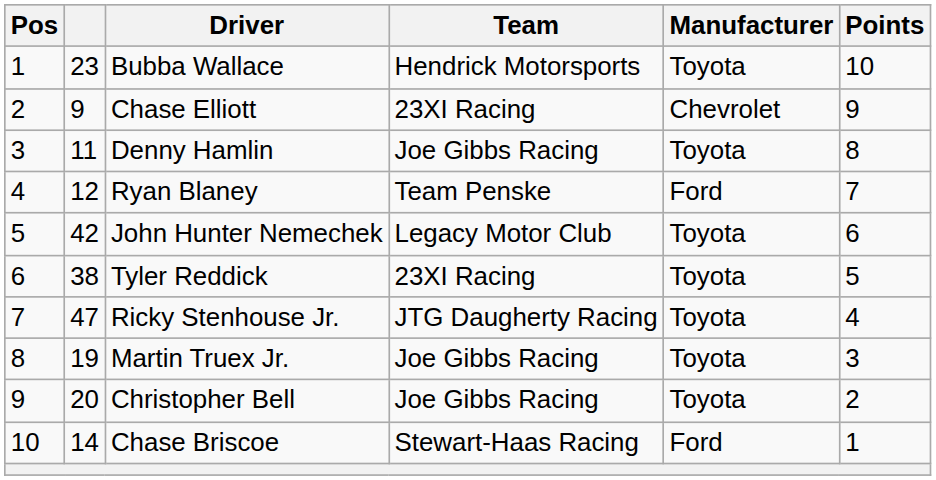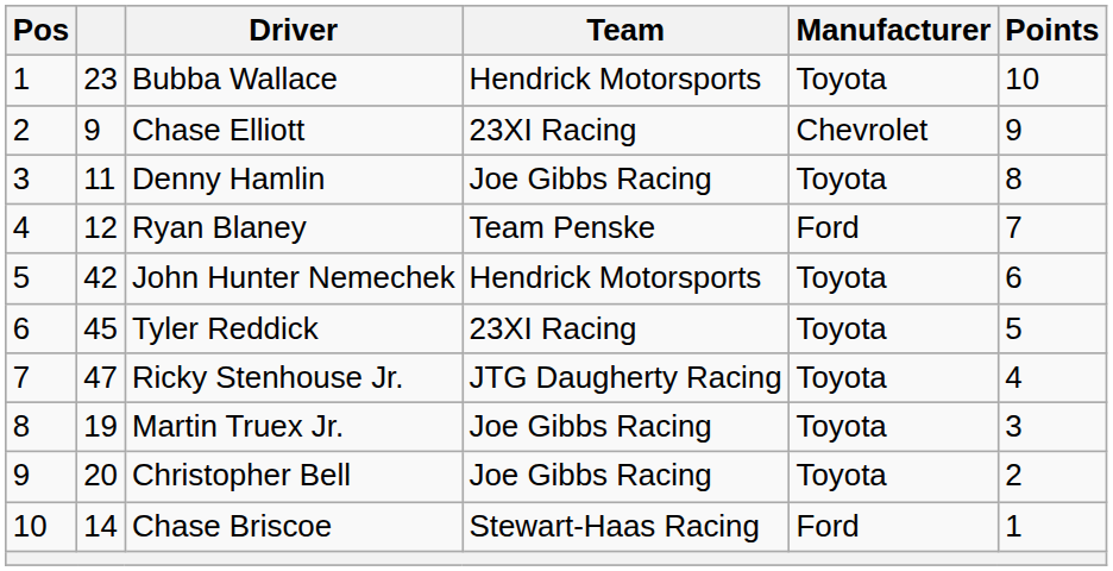 <table class="wikitable" style="font-size:98%">
 <tr>
 <th>Pos</th>
 <th></th>
 <th>Driver</th>
 <th>Team</th>
 <th>Manufacturer</th>
 <th>Points</th>
 </tr>
 <tr>
 <td>1</td>
 <td>23</td>
 <td>Bubba Wallace</td>
 <td>Hendrick Motorsports</td>
 <td>Toyota</td>
 <td>10</td>
 </tr>
 <tr>
 <td>2</td>
 <td>9</td>
 <td>Chase Elliott</td>
 <td>23XI Racing</td>
 <td>Chevrolet</td>
 <td>9</td>
 </tr>
 <tr>
 <td>3</td>
 <td>11</td>
 <td>Denny Hamlin</td>
 <td>Joe Gibbs Racing</td>
 <td>Toyota</td>
 <td>8</td>
 </tr>
 <tr>
 <td>4</td>
 <td>12</td>
 <td>Ryan Blaney</td>
 <td>Team Penske</td>
 <td>Ford</td>
 <td>7</td>
 </tr>
 <tr>
 <td>5</td>
 <td>42</td>
 <td>John Hunter Nemechek</td>
-<td>Legacy Motor Club</td>
+<td>Hendrick Motorsports</td>
 <td>Toyota</td>
 <td>6</td>
 </tr>
 <tr>
 <td>6</td>
-<td>38</td>
+<td>45</td>
 <td>Tyler Reddick</td>
 <td>23XI Racing</td>
 <td>Toyota</td>
 <td>5</td>
 </tr>
 <tr>
 <td>7</td>
 <td>47</td>
 <td>Ricky Stenhouse Jr.</td>
 <td>JTG Daugherty Racing</td>
 <td>Toyota</td>
 <td>4</td>
 </tr>
 <tr>
 <td>8</td>
 <td>19</td>
 <td>Martin Truex Jr.</td>
 <td>Joe Gibbs Racing</td>
 <td>Toyota</td>
 <td>3</td>
 </tr>
 <tr>
 <td>9</td>
 <td>20</td>
 <td>Christopher Bell</td>
 <td>Joe Gibbs Racing</td>
 <td>Toyota</td>
 <td>2</td>
 </tr>
 <tr>
 <td>10</td>
 <td>14</td>
 <td>Chase Briscoe</td>
 <td>Stewart-Haas Racing</td>
 <td>Ford</td>
 <td>1</td>
 </tr>
 <tr>
 <th colspan="6"></th>
 </tr>
 </table>
